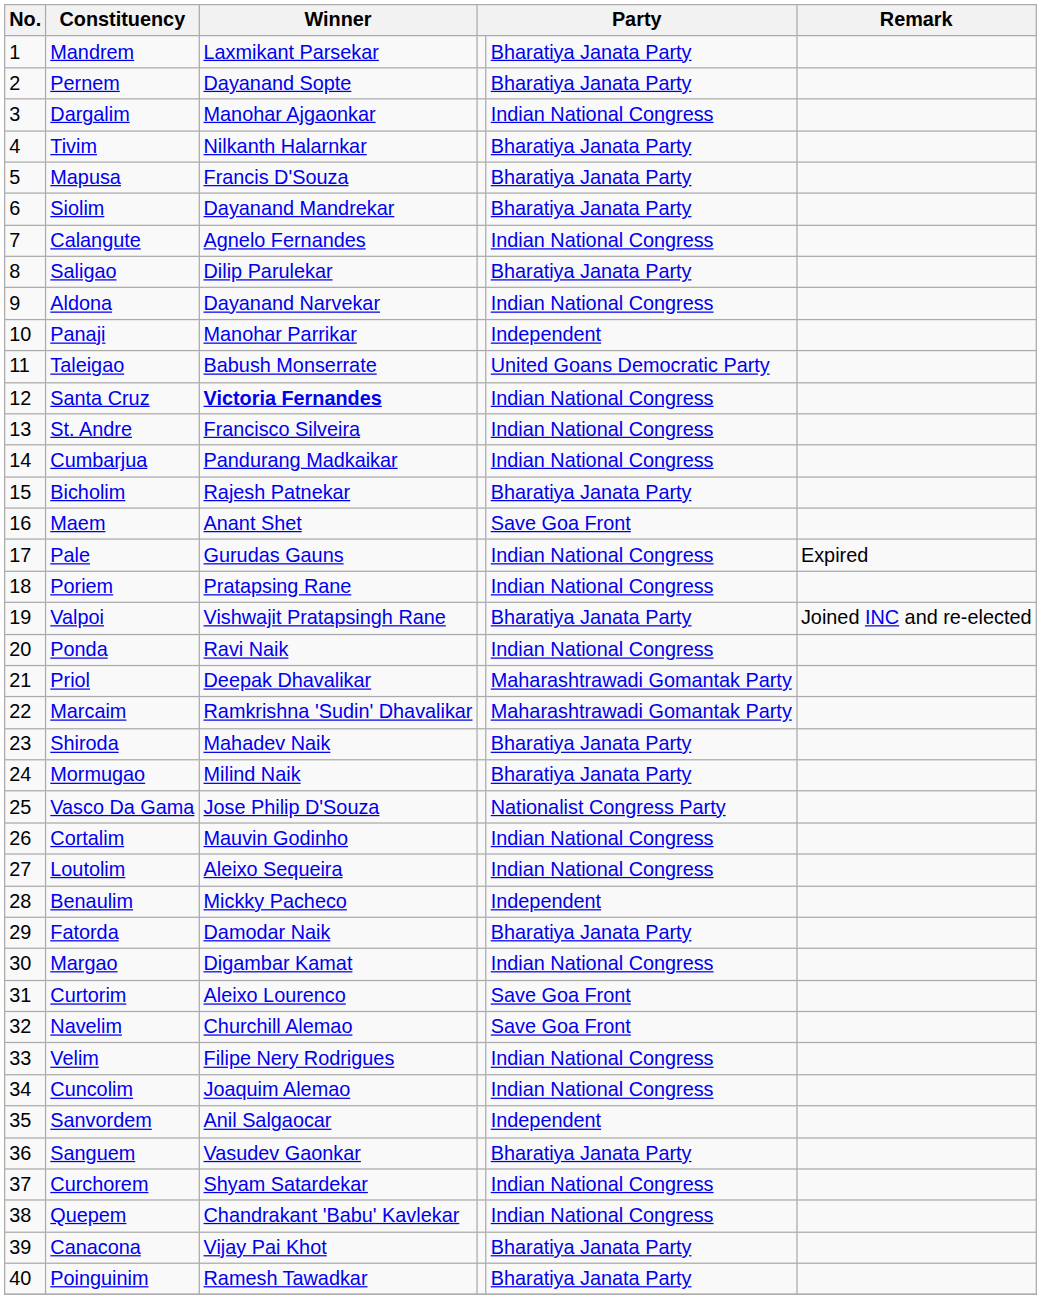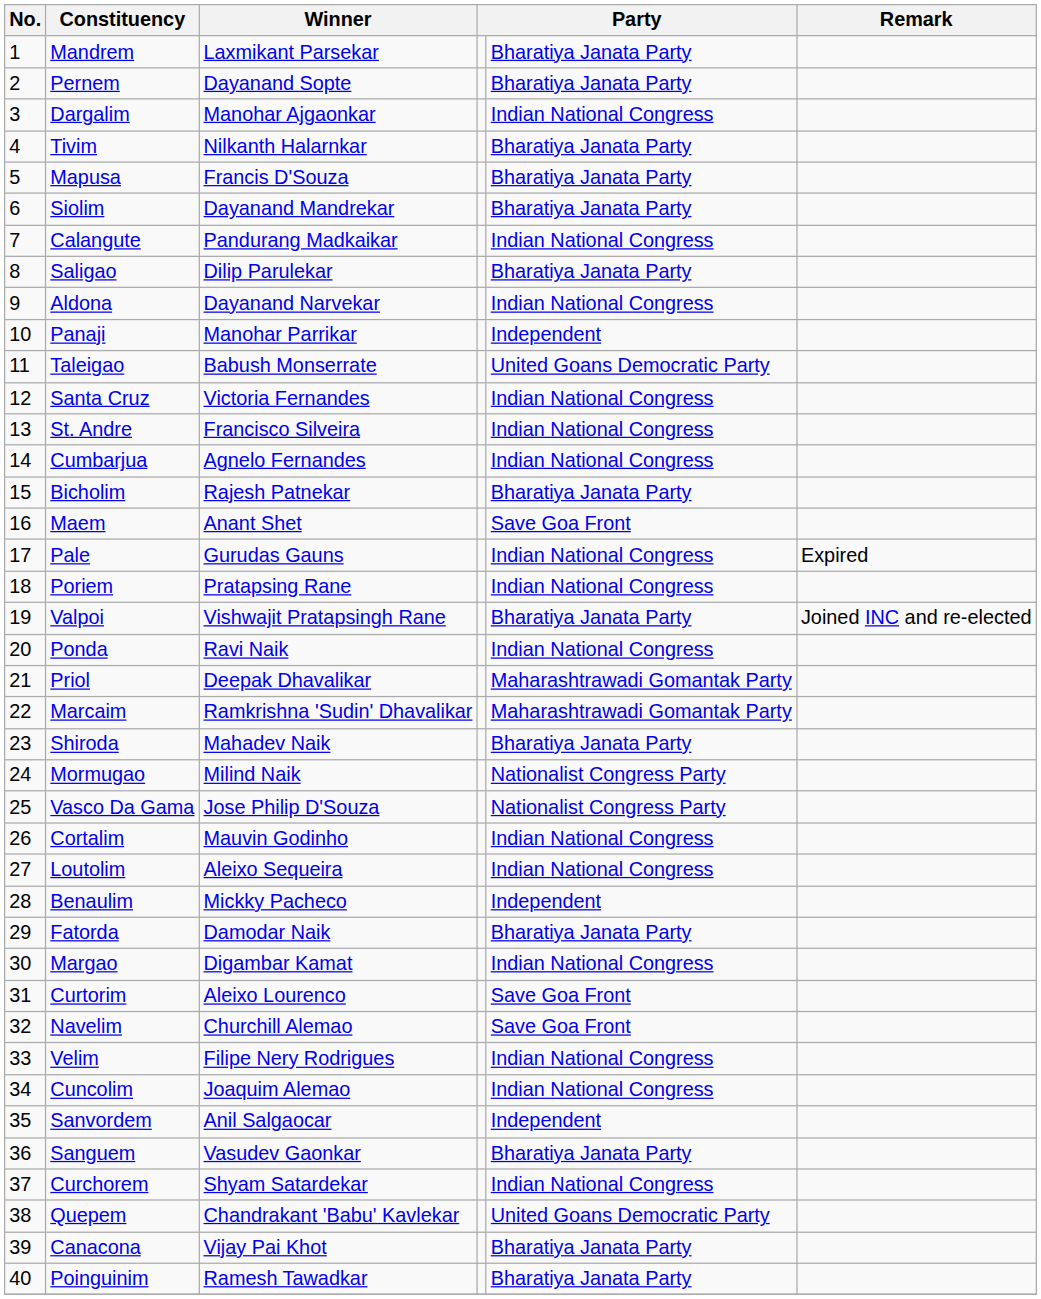 <table class="wikitable sortable" border="1">
 <tr>
 <th>No.</th>
 <th>Constituency</th>
 <th>Winner</th>
 <th colspan="2">Party</th>
 <th>Remark</th>
 </tr>
 <tr>
 <td>1</td>
 <td><a href='#'>Mandrem</a></td>
 <td><a href='#'>Laxmikant Parsekar</a></td>
 <td></td>
 <td><a href='#'>Bharatiya Janata Party</a></td>
 <td></td>
 </tr>
 <tr>
 <td>2</td>
 <td><a href='#'>Pernem</a></td>
 <td><a href='#'>Dayanand Sopte</a></td>
 <td></td>
 <td><a href='#'>Bharatiya Janata Party</a></td>
 <td></td>
 </tr>
 <tr>
 <td>3</td>
 <td><a href='#'>Dargalim</a></td>
 <td><a href='#'>Manohar Ajgaonkar</a></td>
 <td></td>
 <td><a href='#'>Indian National Congress</a></td>
 <td></td>
 </tr>
 <tr>
 <td>4</td>
 <td><a href='#'>Tivim</a></td>
 <td><a href='#'>Nilkanth Halarnkar</a></td>
 <td></td>
 <td><a href='#'>Bharatiya Janata Party</a></td>
 <td></td>
 </tr>
 <tr>
 <td>5</td>
 <td><a href='#'>Mapusa</a></td>
 <td><a href='#'>Francis D'Souza</a></td>
 <td></td>
 <td><a href='#'>Bharatiya Janata Party</a></td>
 <td></td>
 </tr>
 <tr>
 <td>6</td>
 <td><a href='#'>Siolim</a></td>
 <td><a href='#'>Dayanand Mandrekar</a></td>
 <td></td>
 <td><a href='#'>Bharatiya Janata Party</a></td>
 <td></td>
 </tr>
 <tr>
 <td>7</td>
 <td><a href='#'>Calangute</a></td>
-<td><a href='#'>Agnelo Fernandes</a></td>
+<td><a href='#'>Pandurang Madkaikar</a></td>
 <td></td>
 <td><a href='#'>Indian National Congress</a></td>
 <td></td>
 </tr>
 <tr>
 <td>8</td>
 <td><a href='#'>Saligao</a></td>
 <td><a href='#'>Dilip Parulekar</a></td>
 <td></td>
 <td><a href='#'>Bharatiya Janata Party</a></td>
 <td></td>
 </tr>
 <tr>
 <td>9</td>
 <td><a href='#'>Aldona</a></td>
 <td><a href='#'>Dayanand Narvekar</a></td>
 <td></td>
 <td><a href='#'>Indian National Congress</a></td>
 <td></td>
 </tr>
 <tr>
 <td>10</td>
 <td><a href='#'>Panaji</a></td>
 <td><a href='#'>Manohar Parrikar</a></td>
 <td></td>
 <td><a href='#'>Independent</a></td>
 <td></td>
 </tr>
 <tr>
 <td>11</td>
 <td><a href='#'>Taleigao</a></td>
 <td><a href='#'>Babush Monserrate</a></td>
 <td></td>
 <td><a href='#'>United Goans Democratic Party</a></td>
 <td></td>
 </tr>
 <tr>
 <td>12</td>
 <td><a href='#'>Santa Cruz</a></td>
-<td><strong><a href='#'>Victoria Fernandes</a></strong></td>
+<td><a href='#'>Victoria Fernandes</a></td>
 <td></td>
 <td><a href='#'>Indian National Congress</a></td>
 <td></td>
 </tr>
 <tr>
 <td>13</td>
 <td><a href='#'>St. Andre</a></td>
 <td><a href='#'>Francisco Silveira</a></td>
 <td></td>
 <td><a href='#'>Indian National Congress</a></td>
 <td></td>
 </tr>
 <tr>
 <td>14</td>
 <td><a href='#'>Cumbarjua</a></td>
-<td><a href='#'>Pandurang Madkaikar</a></td>
+<td><a href='#'>Agnelo Fernandes</a></td>
 <td></td>
 <td><a href='#'>Indian National Congress</a></td>
 <td></td>
 </tr>
 <tr>
 <td>15</td>
 <td><a href='#'>Bicholim</a></td>
 <td><a href='#'>Rajesh Patnekar</a></td>
 <td></td>
 <td><a href='#'>Bharatiya Janata Party</a></td>
 <td></td>
 </tr>
 <tr>
 <td>16</td>
 <td><a href='#'>Maem</a></td>
 <td><a href='#'>Anant Shet</a></td>
 <td></td>
 <td><a href='#'>Save Goa Front</a></td>
 <td></td>
 </tr>
 <tr>
 <td>17</td>
 <td><a href='#'>Pale</a></td>
 <td><a href='#'>Gurudas Gauns</a></td>
 <td></td>
 <td><a href='#'>Indian National Congress</a></td>
 <td>Expired</td>
 </tr>
 <tr>
 <td>18</td>
 <td><a href='#'>Poriem</a></td>
 <td><a href='#'>Pratapsing Rane</a></td>
 <td></td>
 <td><a href='#'>Indian National Congress</a></td>
 <td></td>
 </tr>
 <tr>
 <td>19</td>
 <td><a href='#'>Valpoi</a></td>
 <td><a href='#'>Vishwajit Pratapsingh Rane</a></td>
 <td></td>
 <td><a href='#'>Bharatiya Janata Party</a></td>
 <td>Joined <a href='#'>INC</a> and re-elected</td>
 </tr>
 <tr>
 <td>20</td>
 <td><a href='#'>Ponda</a></td>
 <td><a href='#'>Ravi Naik</a></td>
 <td></td>
 <td><a href='#'>Indian National Congress</a></td>
 <td></td>
 </tr>
 <tr>
 <td>21</td>
 <td><a href='#'>Priol</a></td>
 <td><a href='#'>Deepak Dhavalikar</a></td>
 <td></td>
 <td><a href='#'>Maharashtrawadi Gomantak Party</a></td>
 <td></td>
 </tr>
 <tr>
 <td>22</td>
 <td><a href='#'>Marcaim</a></td>
 <td><a href='#'>Ramkrishna 'Sudin' Dhavalikar</a></td>
 <td></td>
 <td><a href='#'>Maharashtrawadi Gomantak Party</a></td>
 <td></td>
 </tr>
 <tr>
 <td>23</td>
 <td><a href='#'>Shiroda</a></td>
 <td><a href='#'>Mahadev Naik</a></td>
 <td></td>
 <td><a href='#'>Bharatiya Janata Party</a></td>
 <td></td>
 </tr>
 <tr>
 <td>24</td>
 <td><a href='#'>Mormugao</a></td>
 <td><a href='#'>Milind Naik</a></td>
 <td></td>
-<td><a href='#'>Bharatiya Janata Party</a></td>
+<td><a href='#'>Nationalist Congress Party</a></td>
 <td></td>
 </tr>
 <tr>
 <td>25</td>
 <td><a href='#'>Vasco Da Gama</a></td>
 <td><a href='#'>Jose Philip D'Souza</a></td>
 <td></td>
 <td><a href='#'>Nationalist Congress Party</a></td>
 <td></td>
 </tr>
 <tr>
 <td>26</td>
 <td><a href='#'>Cortalim</a></td>
 <td><a href='#'>Mauvin Godinho</a></td>
 <td></td>
 <td><a href='#'>Indian National Congress</a></td>
 <td></td>
 </tr>
 <tr>
 <td>27</td>
 <td><a href='#'>Loutolim</a></td>
 <td><a href='#'>Aleixo Sequeira</a></td>
 <td></td>
 <td><a href='#'>Indian National Congress</a></td>
 <td></td>
 </tr>
 <tr>
 <td>28</td>
 <td><a href='#'>Benaulim</a></td>
 <td><a href='#'>Mickky Pacheco</a></td>
 <td></td>
 <td><a href='#'>Independent</a></td>
 <td></td>
 </tr>
 <tr>
 <td>29</td>
 <td><a href='#'>Fatorda</a></td>
 <td><a href='#'>Damodar Naik</a></td>
 <td></td>
 <td><a href='#'>Bharatiya Janata Party</a></td>
 <td></td>
 </tr>
 <tr>
 <td>30</td>
 <td><a href='#'>Margao</a></td>
 <td><a href='#'>Digambar Kamat</a></td>
 <td></td>
 <td><a href='#'>Indian National Congress</a></td>
 <td></td>
 </tr>
 <tr>
 <td>31</td>
 <td><a href='#'>Curtorim</a></td>
 <td><a href='#'>Aleixo Lourenco</a></td>
 <td bgcolor=></td>
 <td><a href='#'>Save Goa Front</a></td>
 <td></td>
 </tr>
 <tr>
 <td>32</td>
 <td><a href='#'>Navelim</a></td>
 <td><a href='#'>Churchill Alemao</a></td>
 <td bgcolor=></td>
 <td><a href='#'>Save Goa Front</a></td>
 <td></td>
 </tr>
 <tr>
 <td>33</td>
 <td><a href='#'>Velim</a></td>
 <td><a href='#'>Filipe Nery Rodrigues</a></td>
 <td></td>
 <td><a href='#'>Indian National Congress</a></td>
 <td></td>
 </tr>
 <tr>
 <td>34</td>
 <td><a href='#'>Cuncolim</a></td>
 <td><a href='#'>Joaquim Alemao</a></td>
 <td></td>
 <td><a href='#'>Indian National Congress</a></td>
 <td></td>
 </tr>
 <tr>
 <td>35</td>
 <td><a href='#'>Sanvordem</a></td>
 <td><a href='#'>Anil Salgaocar</a></td>
 <td></td>
 <td><a href='#'>Independent</a></td>
 <td></td>
 </tr>
 <tr>
 <td>36</td>
 <td><a href='#'>Sanguem</a></td>
 <td><a href='#'>Vasudev Gaonkar</a></td>
 <td></td>
 <td><a href='#'>Bharatiya Janata Party</a></td>
 <td></td>
 </tr>
 <tr>
 <td>37</td>
 <td><a href='#'>Curchorem</a></td>
 <td><a href='#'>Shyam Satardekar</a></td>
 <td></td>
 <td><a href='#'>Indian National Congress</a></td>
 <td></td>
 </tr>
 <tr>
 <td>38</td>
 <td><a href='#'>Quepem</a></td>
 <td><a href='#'>Chandrakant 'Babu' Kavlekar</a></td>
 <td></td>
-<td><a href='#'>Indian National Congress</a></td>
+<td><a href='#'>United Goans Democratic Party</a></td>
 <td></td>
 </tr>
 <tr>
 <td>39</td>
 <td><a href='#'>Canacona</a></td>
 <td><a href='#'>Vijay Pai Khot</a></td>
 <td></td>
 <td><a href='#'>Bharatiya Janata Party</a></td>
 <td></td>
 </tr>
 <tr>
 <td>40</td>
 <td><a href='#'>Poinguinim</a></td>
 <td><a href='#'>Ramesh Tawadkar</a></td>
 <td></td>
 <td><a href='#'>Bharatiya Janata Party</a></td>
 <td></td>
 </tr>
 <tr>
 </tr>
 </table>
